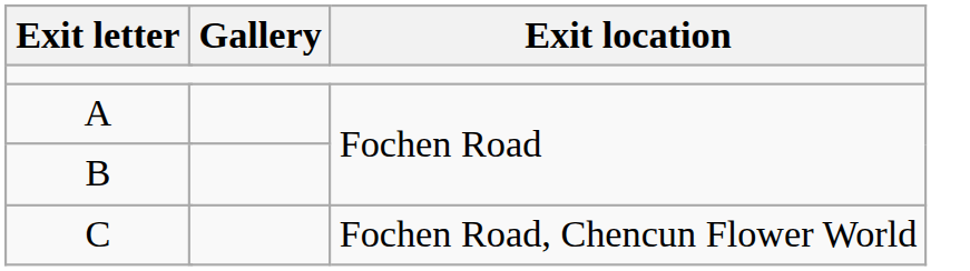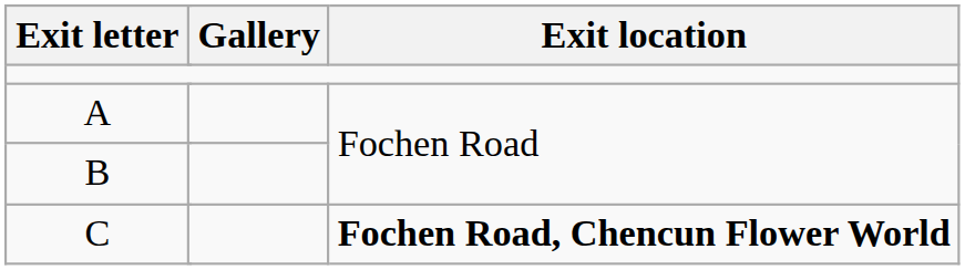 <table class="wikitable">
 <tr>
 <th colspan=2 style="width:70px">Exit letter</th>
 <th>Gallery</th>
 <th>Exit location</th>
 </tr>
 <tr style="background:#">
 <td colspan="4"></td>
 </tr>
 <tr>
 <td colspan=2 align=center>A</td>
 <td></td>
 <td rowspan='2'>Fochen Road</td>
 </tr>
 <tr>
 <td colspan=2 align=center>B</td>
 <td></td>
 </tr>
 <tr>
 <td colspan=2 align=center>C</td>
 <td></td>
-<td>Fochen Road, Chencun Flower World</td>
+<td><strong>Fochen Road, Chencun Flower World</strong></td>
 </tr>
 </table>
